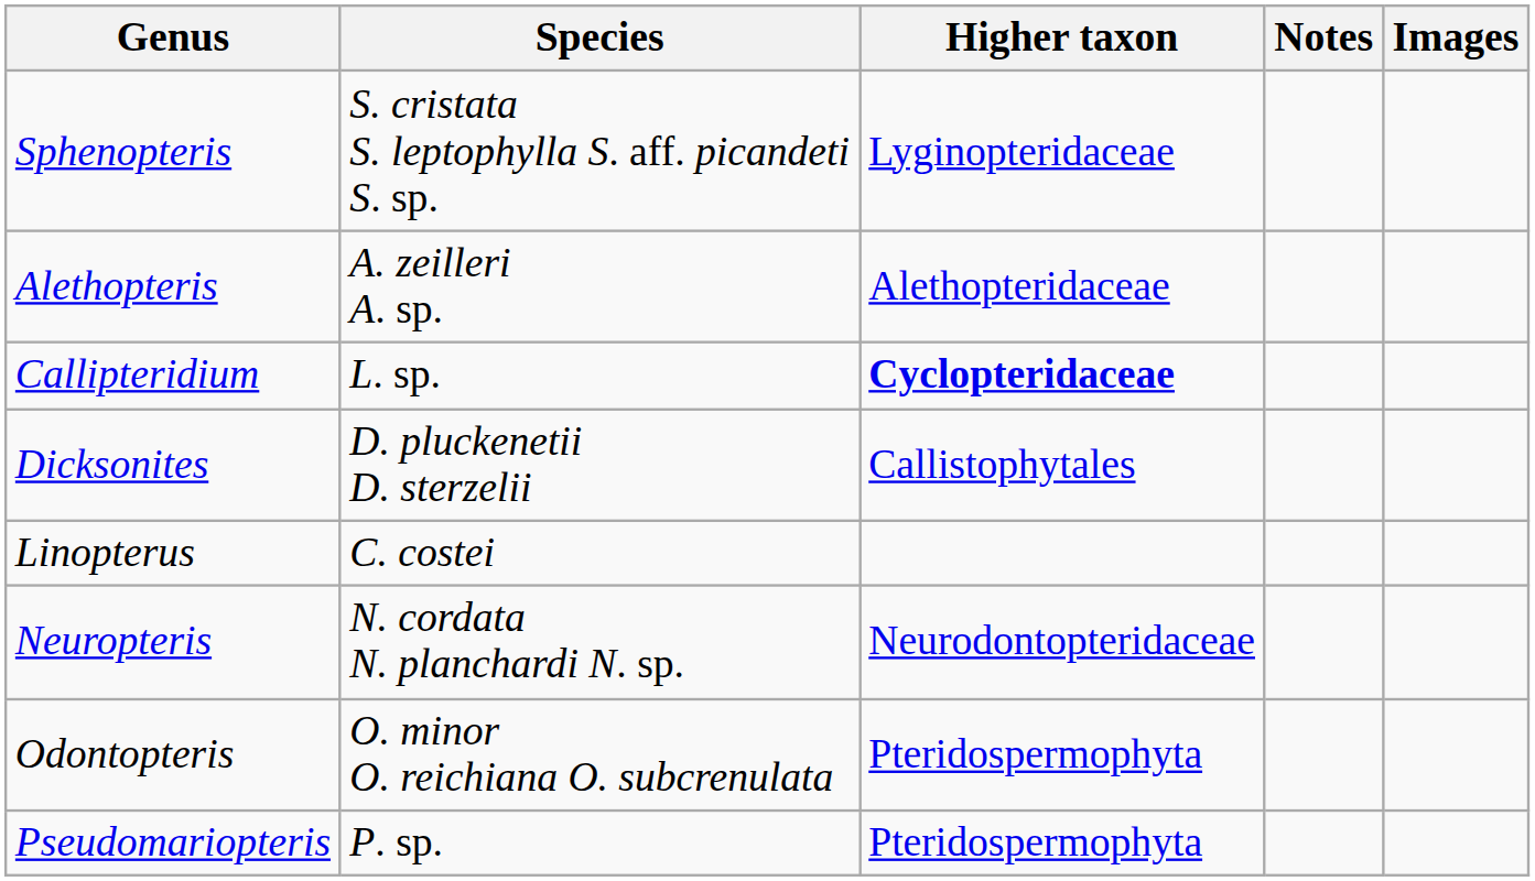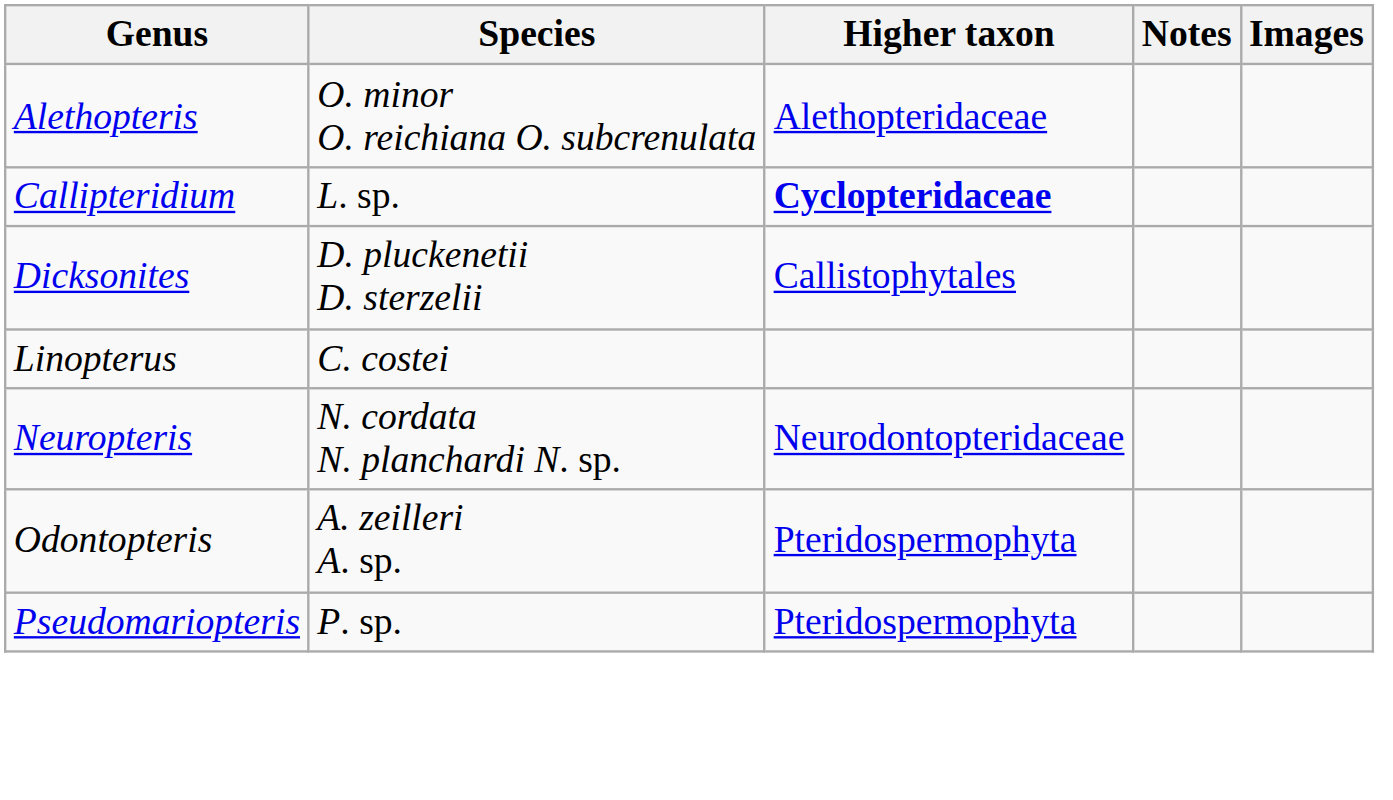 <table class="wikitable sortable mw-collapsible">
 <tr>
 <th>Genus</th>
 <th>Species</th>
 <th>Higher taxon</th>
 <th>Notes</th>
 <th>Images</th>
 </tr>
 <tr>
-<td><em><a href='#'>Sphenopteris</a></em></td>
-<td><em>S. cristata</em><br><em>S. leptophylla</em> <em>S</em>. aff. <em>picandeti</em><br><em>S</em>. sp.</td>
-<td><a href='#'>Lyginopteridaceae</a></td>
-<td></td>
-<td></td>
-</tr>
-<tr>
 <td><em><a href='#'>Alethopteris</a></em></td>
-<td><em>A. zeilleri</em><br><em>A</em>. sp.</td>
+<td><em>O. minor</em><br><em>O. reichiana</em> <em>O. subcrenulata</em></td>
 <td><a href='#'>Alethopteridaceae</a></td>
 <td></td>
 <td></td>
 </tr>
 <tr>
 <td><em><a href='#'>Callipteridium</a></em></td>
 <td><em>L</em>. sp.</td>
 <td><strong><a href='#'>Cyclopteridaceae</a></strong></td>
 <td></td>
 <td></td>
 </tr>
 <tr>
 <td><em><a href='#'>Dicksonites</a></em></td>
 <td><em>D. pluckenetii</em><br><em>D. sterzelii</em></td>
 <td><a href='#'>Callistophytales</a></td>
 <td></td>
 <td></td>
 </tr>
 <tr>
 <td><em>Linopterus</em></td>
 <td><em>C. costei</em></td>
 <td></td>
 <td></td>
 <td></td>
 </tr>
 <tr>
 <td><em><a href='#'>Neuropteris</a></em></td>
 <td><em>N. cordata</em><br><em>N. planchardi</em> <em>N</em>. sp.</td>
 <td><a href='#'>Neurodontopteridaceae</a></td>
 <td></td>
 <td></td>
 </tr>
 <tr>
 <td><em>Odontopteris</em></td>
-<td><em>O. minor</em><br><em>O. reichiana</em> <em>O. subcrenulata</em></td>
+<td><em>A. zeilleri</em><br><em>A</em>. sp.</td>
 <td><a href='#'>Pteridospermophyta</a></td>
 <td></td>
 <td></td>
 </tr>
 <tr>
 <td><em><a href='#'>Pseudomariopteris</a></em></td>
 <td><em>P</em>. sp.</td>
 <td><a href='#'>Pteridospermophyta</a></td>
 <td></td>
 <td></td>
 </tr>
 </table>
